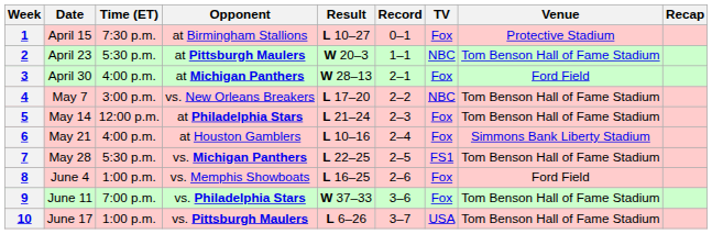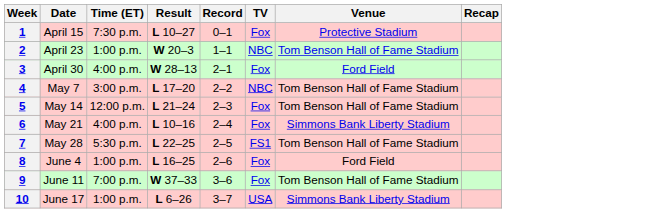 <table class="wikitable" style="text-align:center">
 <tr>
 <th>Week</th>
 <th>Date</th>
 <th>Time (ET)</th>
-<th>Opponent</th>
 <th>Result</th>
 <th>Record</th>
 <th>TV</th>
 <th>Venue</th>
 <th>Recap</th>
 </tr>
 <tr style="background:#ffcccc">
 <th><a href='#'>1</a></th>
 <td>April 15</td>
 <td>7:30 p.m.</td>
-<td>at <a href='#'>Birmingham Stallions</a></td>
 <td><strong>L</strong> 10–27</td>
 <td>0–1</td>
 <td><a href='#'>Fox</a></td>
 <td><a href='#'>Protective Stadium</a></td>
 <td></td>
 </tr>
 <tr style="background:#ccffcc">
 <th><a href='#'>2</a></th>
 <td>April 23</td>
-<td>5:30 p.m.</td>
-<td>at <strong><a href='#'>Pittsburgh Maulers</a></strong></td>
+<td>1:00 p.m.</td>
 <td><strong>W</strong> 20–3</td>
 <td>1–1</td>
 <td><a href='#'>NBC</a></td>
 <td><a href='#'>Tom Benson Hall of Fame Stadium</a></td>
 <td></td>
 </tr>
 <tr style="background:#ccffcc">
 <th><a href='#'>3</a></th>
 <td>April 30</td>
 <td>4:00 p.m.</td>
-<td>at <strong><a href='#'>Michigan Panthers</a></strong></td>
 <td><strong>W</strong> 28–13</td>
 <td>2–1</td>
 <td><a href='#'>Fox</a></td>
 <td><a href='#'>Ford Field</a></td>
 <td></td>
 </tr>
 <tr style="background:#ffcccc">
 <th><a href='#'>4</a></th>
 <td>May 7</td>
 <td>3:00 p.m.</td>
-<td>vs. <a href='#'>New Orleans Breakers</a></td>
 <td><strong>L</strong> 17–20</td>
 <td>2–2</td>
 <td><a href='#'>NBC</a></td>
 <td>Tom Benson Hall of Fame Stadium</td>
 <td></td>
 </tr>
 <tr style="background:#ffcccc">
 <th><a href='#'>5</a></th>
 <td>May 14</td>
 <td>12:00 p.m.</td>
-<td>at <strong><a href='#'>Philadelphia Stars</a></strong></td>
 <td><strong>L</strong> 21–24</td>
 <td>2–3</td>
 <td><a href='#'>Fox</a></td>
 <td>Tom Benson Hall of Fame Stadium</td>
 <td></td>
 </tr>
 <tr style="background:#ffcccc">
 <th><a href='#'>6</a></th>
 <td>May 21</td>
 <td>4:00 p.m.</td>
-<td>at <a href='#'>Houston Gamblers</a></td>
 <td><strong>L</strong> 10–16</td>
 <td>2–4</td>
 <td><a href='#'>Fox</a></td>
 <td><a href='#'>Simmons Bank Liberty Stadium</a></td>
 <td></td>
 </tr>
 <tr style="background:#ffcccc">
 <th><a href='#'>7</a></th>
 <td>May 28</td>
 <td>5:30 p.m.</td>
-<td>vs. <strong><a href='#'>Michigan Panthers</a></strong></td>
 <td><strong>L</strong> 22–25</td>
 <td>2–5</td>
 <td><a href='#'>FS1</a></td>
 <td>Tom Benson Hall of Fame Stadium</td>
 <td></td>
 </tr>
 <tr style="background:#ffcccc">
 <th><a href='#'>8</a></th>
 <td>June 4</td>
 <td>1:00 p.m.</td>
-<td>vs. <a href='#'>Memphis Showboats</a></td>
 <td><strong>L</strong> 16–25</td>
 <td>2–6</td>
 <td><a href='#'>Fox</a></td>
 <td>Ford Field</td>
 <td></td>
 </tr>
 <tr style="background:#ccffcc">
 <th><a href='#'>9</a></th>
 <td>June 11</td>
 <td>7:00 p.m.</td>
-<td>vs. <strong><a href='#'>Philadelphia Stars</a></strong></td>
 <td><strong>W</strong> 37–33</td>
 <td>3–6</td>
 <td><a href='#'>Fox</a></td>
 <td>Tom Benson Hall of Fame Stadium</td>
 <td></td>
 </tr>
 <tr style="background:#ffcccc">
 <th><a href='#'>10</a></th>
 <td>June 17</td>
 <td>1:00 p.m.</td>
-<td>vs. <strong><a href='#'>Pittsburgh Maulers</a></strong></td>
 <td><strong>L</strong> 6–26</td>
 <td>3–7</td>
 <td><a href='#'>USA</a></td>
-<td>Tom Benson Hall of Fame Stadium</td>
+<td><a href='#'>Simmons Bank Liberty Stadium</a></td>
 <td></td>
 </tr>
 </table>
